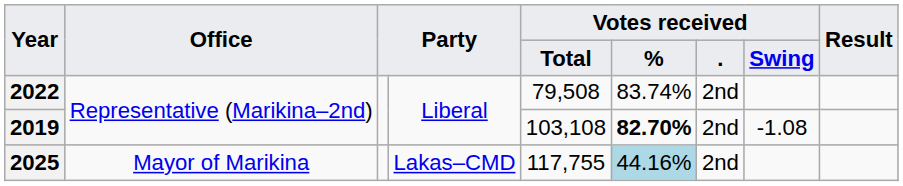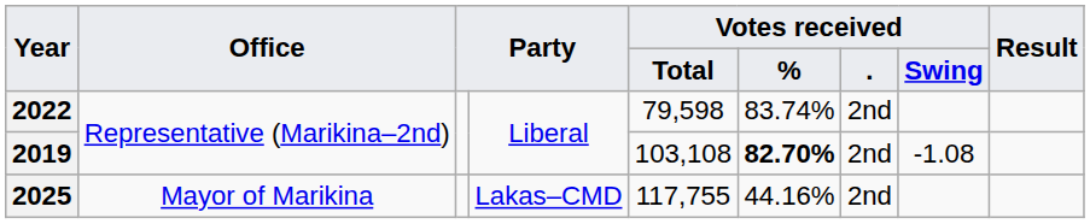 <table class="wikitable" style="font-size:90%; text-align:center;">
 <tr>
 <th rowspan="2" style="background:#eaecf0;">Year</th>
 <th rowspan="2" style="background:#eaecf0;">Office</th>
 <th colspan="2" rowspan="2" style="background:#eaecf0;">Party</th>
 <th colspan="4" style="background:#eaecf0;">Votes received</th>
 <th rowspan="2" style="background:#eaecf0;">Result</th>
 </tr>
 <tr>
 <th style="background:#eaecf0;">Total</th>
 <th style="background:#eaecf0;">%</th>
 <th style="background:#eaecf0;">.</th>
 <th style="background:#eaecf0;"><a href='#'>Swing</a></th>
 </tr>
 <tr>
 <th>2022</th>
 <td rowspan="2"><a href='#'>Representative</a> (<a href='#'>Marikina–2nd</a>)</td>
 <td rowspan="2" style="background:"></td>
 <td rowspan="2"><a href='#'>Liberal</a></td>
-<td>79,508</td>
+<td>79,598</td>
 <td>83.74%</td>
 <td>2nd</td>
 <td></td>
 <td></td>
 </tr>
 <tr>
 <th>2019</th>
 <td>103,108</td>
 <td><strong>82.70%</strong></td>
 <td>2nd</td>
 <td>-1.08</td>
 <td></td>
 </tr>
 <tr>
 <th>2025</th>
 <td><a href='#'>Mayor of Marikina</a></td>
 <td style="background:"></td>
 <td><a href='#'>Lakas–CMD</a></td>
 <td>117,755</td>
-<td style="background: lightblue;">44.16%</td>
+<td>44.16%</td>
 <td>2nd</td>
 <td></td>
 <td></td>
 </tr>
 </table>
